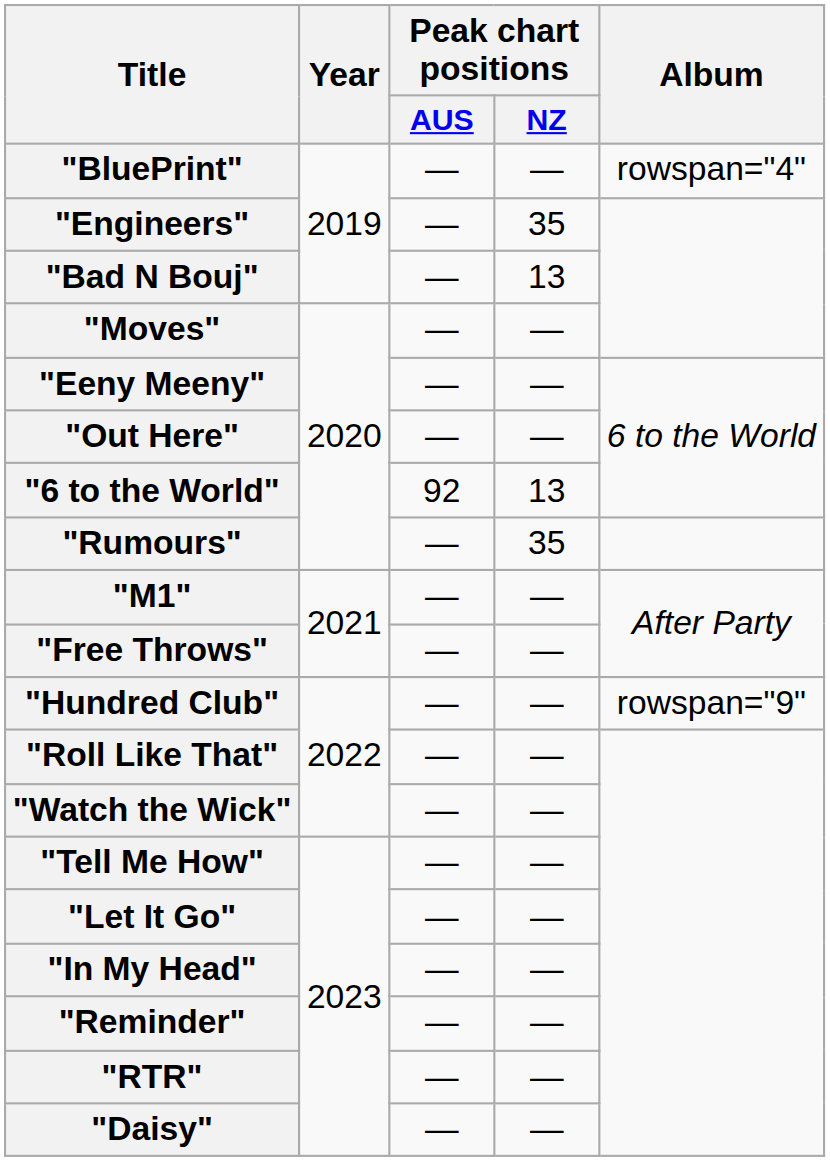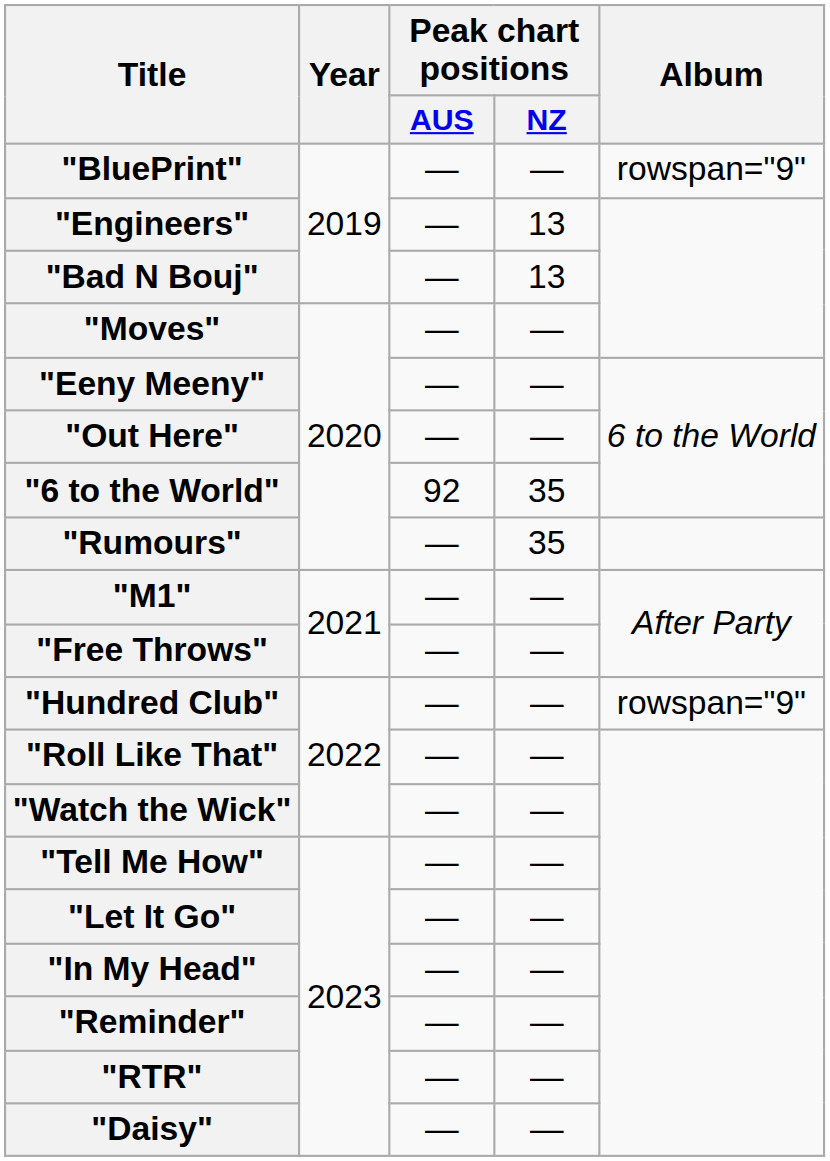 <table class="wikitable plainrowheaders" style="text-align:center;">
 <tr>
 <th scope="col" rowspan="2">Title</th>
 <th scope="col" rowspan="2">Year</th>
 <th scope="col" colspan="2">Peak chart positions</th>
 <th scope="col" rowspan="2">Album</th>
 </tr>
 <tr>
 <th scope="col" style="width:3em;font-size:90%;"><a href='#'>AUS</a><br></th>
 <th scope="col" style="width:3em;font-size:90%;"><a href='#'>NZ</a><br></th>
 </tr>
 <tr>
 <th scope="row">"BluePrint"</th>
 <td rowspan="3">2019</td>
 <td>—</td>
 <td>—</td>
-<td>rowspan="4" </td>
+<td>rowspan="9" </td>
 </tr>
 <tr>
 <th scope="row">"Engineers"</th>
 <td>—</td>
-<td>35</td>
+<td>13</td>
 </tr>
 <tr>
 <th scope="row">"Bad N Bouj"</th>
 <td>—</td>
 <td>13</td>
 </tr>
 <tr>
 <th scope="row">"Moves"</th>
 <td rowspan="5">2020</td>
 <td>—</td>
 <td>—</td>
 </tr>
 <tr>
 <th scope="row">"Eeny Meeny"</th>
 <td>—</td>
 <td>—</td>
 <td rowspan="3"><em>6 to the World</em></td>
 </tr>
 <tr>
 <th scope="row">"Out Here"<br></th>
 <td>—</td>
 <td>—</td>
 </tr>
 <tr>
 <th scope="row">"6 to the World"</th>
 <td>92</td>
-<td>13</td>
+<td>35</td>
 </tr>
 <tr>
 <th scope="row">"Rumours"</th>
 <td>—</td>
 <td>35</td>
 <td></td>
 </tr>
 <tr>
 <th scope="row">"M1"</th>
 <td rowspan="2">2021</td>
 <td>—</td>
 <td>—</td>
 <td rowspan="2"><em>After Party</em></td>
 </tr>
 <tr>
 <th scope="row">"Free Throws"</th>
 <td>—</td>
 <td>—</td>
 </tr>
 <tr>
 <th scope="row">"Hundred Club"<br></th>
 <td rowspan="3">2022</td>
 <td>—</td>
 <td>—</td>
 <td>rowspan="9" </td>
 </tr>
 <tr>
 <th scope="row">"Roll Like That"<br></th>
 <td>—</td>
 <td>—</td>
 </tr>
 <tr>
 <th scope="row">"Watch the Wick"</th>
 <td>—</td>
 <td>—</td>
 </tr>
 <tr>
 <th scope="row">"Tell Me How"<br></th>
 <td rowspan="6">2023</td>
 <td>—</td>
 <td>—</td>
 </tr>
 <tr>
 <th scope="row">"Let It Go"</th>
 <td>—</td>
 <td>—</td>
 </tr>
 <tr>
 <th scope="row">"In My Head"<br></th>
 <td>—</td>
 <td>—</td>
 </tr>
 <tr>
 <th scope="row">"Reminder"<br></th>
 <td>—</td>
 <td>—</td>
 </tr>
 <tr>
 <th scope="row">"RTR"</th>
 <td>—</td>
 <td>—</td>
 </tr>
 <tr>
 <th scope="row">"Daisy"<br></th>
 <td>—</td>
 <td>—</td>
 </tr>
 </table>
